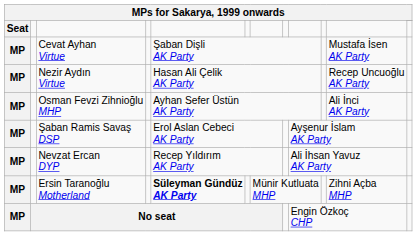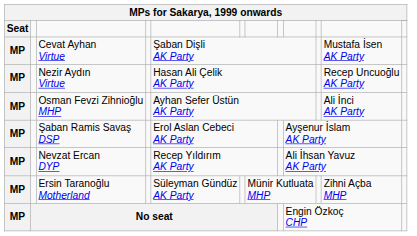 <table class="wikitable">
 <tr>
 <th colspan = 12>MPs for Sakarya, 1999 onwards</th>
 </tr>
 <tr>
 <th rowspan = 2>Seat</th>
 <td rowspan="2" style="width:1px;"></td>
 <td rowspan = 2></td>
 <td rowspan="2" style="width:1px;"></td>
 <td rowspan = 2></td>
 <td rowspan="2" style="width:1px;"></td>
 <td rowspan = 2></td>
 <td rowspan="2" style="width:1px;"></td>
 <td rowspan = 2></td>
 <td rowspan="2" style="width:1px;"></td>
 <td rowspan = 2></td>
 </tr>
 <tr>
 <td></td>
 </tr>
 <tr>
 <th>MP</th>
 <td width=1px style="background-color: "></td>
 <td colspan = 1>Cevat Ayhan<br><em><a href='#'>Virtue</a></em></td>
 <td width=1px style="background-color: "></td>
 <td colspan = 5>Şaban Dişli<br><em><a href='#'>AK Party</a></em></td>
 <td width=1px style="background-color: "></td>
 <td colspan = 1>Mustafa İsen<br><em><a href='#'>AK Party</a></em></td>
 <td width=1px style="background-color: "></td>
 </tr>
 <tr>
 <th>MP</th>
 <td width=1px style="background-color: "></td>
 <td colspan = 1>Nezir Aydın<br><em><a href='#'>Virtue</a></em></td>
 <td width=1px style="background-color: "></td>
 <td colspan = 5>Hasan Ali Çelik<br><em><a href='#'>AK Party</a></em></td>
 <td width=1px style="background-color: "></td>
 <td colspan = 1>Recep Uncuoğlu<br><em><a href='#'>AK Party</a></em></td>
 <td width=1px style="background-color: "></td>
 </tr>
 <tr>
 <th>MP</th>
 <td width=1px style="background-color: "></td>
 <td colspan = 1>Osman Fevzi Zihnioğlu<br><em><a href='#'>MHP</a></em></td>
 <td width=1px style="background-color: "></td>
 <td colspan = 5>Ayhan Sefer Üstün<br><em><a href='#'>AK Party</a></em></td>
 <td width=1px style="background-color: "></td>
 <td colspan = 1>Ali İnci<br><em><a href='#'>AK Party</a></em></td>
 <td width=1px style="background-color: "></td>
 </tr>
 <tr>
 <th>MP</th>
 <td width=1px style="background-color: "></td>
 <td colspan = 1>Şaban Ramis Savaş<br><em><a href='#'>DSP</a></em></td>
 <td width=1px style="background-color: "></td>
 <td colspan = 3>Erol Aslan Cebeci<br><em><a href='#'>AK Party</a></em></td>
 <td width=1px style="background-color: "></td>
 <td colspan = 3>Ayşenur İslam<br><em><a href='#'>AK Party</a></em></td>
 <td width=1px style="background-color: "></td>
 </tr>
 <tr>
 <th>MP</th>
 <td width=1px style="background-color: "></td>
 <td colspan = 1>Nevzat Ercan<br><em><a href='#'>DYP</a></em></td>
 <td width=1px style="background-color: "></td>
 <td colspan = 3>Recep Yıldırım<br><em><a href='#'>AK Party</a></em></td>
 <td width=1px style="background-color: "></td>
 <td colspan = 3>Ali İhsan Yavuz<br><em><a href='#'>AK Party</a></em></td>
 <td width=1px style="background-color: "></td>
 </tr>
 <tr>
 <th>MP</th>
 <td width=1px style="background-color: "></td>
 <td colspan = 1>Ersin Taranoğlu<br><em><a href='#'>Motherland</a></em></td>
 <td width=1px style="background-color: "></td>
-<td colspan = 1><strong>Süleyman Gündüz<br><em><a href='#'>AK Party</a></em></strong></td>
+<td colspan = 1>Süleyman Gündüz<br><em><a href='#'>AK Party</a></em></td>
 <td width=1px style="background-color: "></td>
 <td colspan = 3>Münir Kutluata<br><em><a href='#'>MHP</a></em></td>
 <td width=1px style="background-color: "></td>
 <td colspan = 1>Zihni Açba<br><em><a href='#'>MHP</a></em></td>
 <td width=1px style="background-color: "></td>
 </tr>
 <tr>
 <th>MP</th>
 <th colspan = 6>No seat</th>
 <td width=1px style="background-color: "></td>
 <td colspan = 3>Engin Özkoç<br><em><a href='#'>CHP</a></em></td>
 <td width=1px style="background-color: "></td>
 </tr>
 </table>
